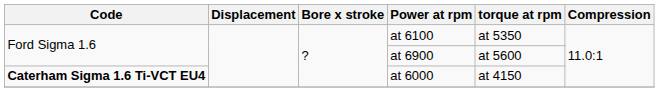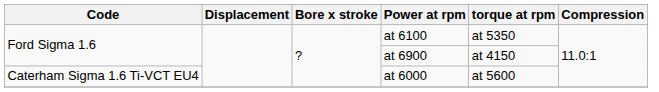 <table class="wikitable">
 <tr>
 <th>Code</th>
 <th>Displacement</th>
 <th>Bore x stroke</th>
 <th>Power at rpm</th>
 <th>torque at rpm</th>
 <th>Compression</th>
 </tr>
 <tr>
 <td rowspan=2>Ford Sigma 1.6</td>
 <td rowspan=3></td>
 <td rowspan=3>?</td>
 <td> at 6100</td>
 <td> at 5350</td>
 <td rowspan=3>11.0:1</td>
 </tr>
 <tr>
 <td> at 6900</td>
-<td> at 5600</td>
+<td> at 4150</td>
 </tr>
 <tr>
-<td><strong>Caterham Sigma 1.6 Ti-VCT EU4</strong></td>
+<td>Caterham Sigma 1.6 Ti-VCT EU4</td>
 <td> at 6000</td>
-<td> at 4150</td>
+<td> at 5600</td>
 </tr>
 <tr>
 </tr>
 </table>
